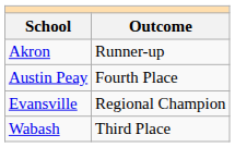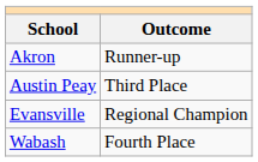 <table class="wikitable" style="float:left; margin-right:1em;">
 <tr>
 <th colspan="3" style="background:#ffdead;"></th>
 </tr>
 <tr>
 <th>School</th>
 <th>Outcome</th>
 </tr>
 <tr>
 <td><a href='#'>Akron</a></td>
 <td>Runner-up</td>
 </tr>
 <tr>
 <td><a href='#'>Austin Peay</a></td>
-<td>Fourth Place</td>
+<td>Third Place</td>
 </tr>
 <tr>
 <td><a href='#'>Evansville</a></td>
 <td>Regional Champion</td>
 </tr>
 <tr>
 <td><a href='#'>Wabash</a></td>
-<td>Third Place</td>
+<td>Fourth Place</td>
 </tr>
 </table>
